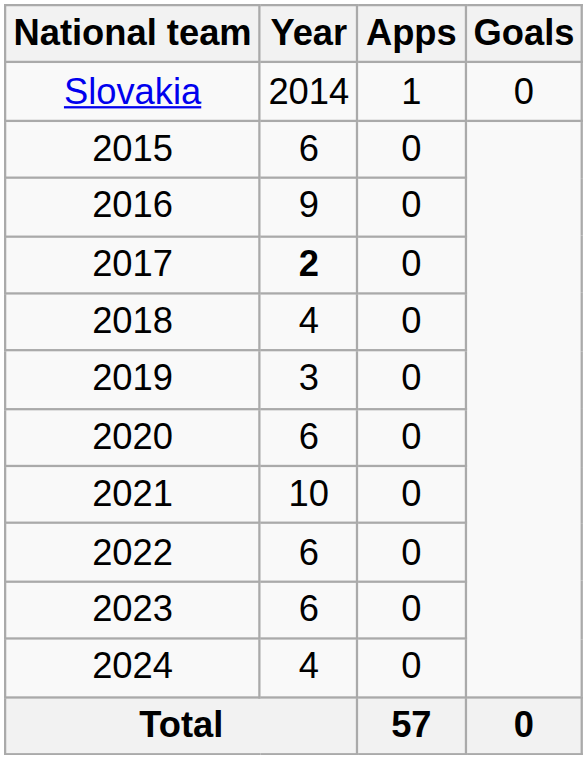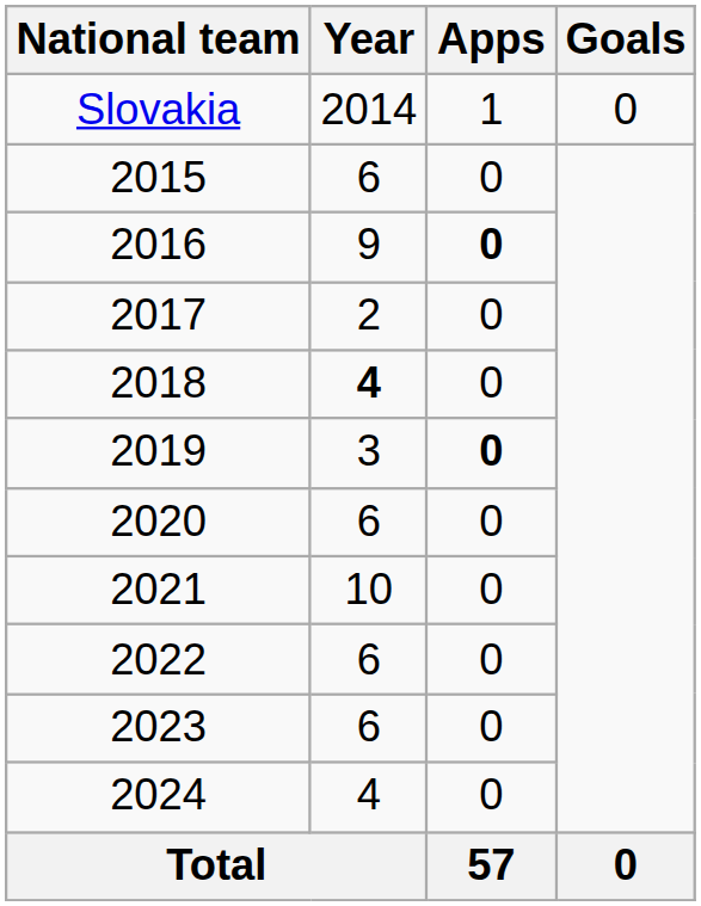 <table class=wikitable style=text-align:center>
 <tr>
 <th>National team</th>
 <th>Year</th>
 <th>Apps</th>
 <th>Goals</th>
 </tr>
 <tr>
 <td><a href='#'>Slovakia</a></td>
 <td>2014</td>
 <td>1</td>
 <td>0</td>
 </tr>
 <tr>
 <td>2015</td>
 <td>6</td>
 <td>0</td>
 </tr>
 <tr>
 <td>2016</td>
 <td>9</td>
-<td>0</td>
+<td><strong>0</strong></td>
 </tr>
 <tr>
 <td>2017</td>
-<td><strong>2</strong></td>
+<td>2</td>
 <td>0</td>
 </tr>
 <tr>
 <td>2018</td>
-<td>4</td>
+<td><strong>4</strong></td>
 <td>0</td>
 </tr>
 <tr>
 <td>2019</td>
 <td>3</td>
-<td>0</td>
+<td><strong>0</strong></td>
 </tr>
 <tr>
 <td>2020</td>
 <td>6</td>
 <td>0</td>
 </tr>
 <tr>
 <td>2021</td>
 <td>10</td>
 <td>0</td>
 </tr>
 <tr>
 <td>2022</td>
 <td>6</td>
 <td>0</td>
 </tr>
 <tr>
 <td>2023</td>
 <td>6</td>
 <td>0</td>
 </tr>
 <tr>
 <td>2024</td>
 <td>4</td>
 <td>0</td>
 </tr>
 <tr>
 <th colspan="2">Total</th>
 <th>57</th>
 <th>0</th>
 </tr>
 </table>
